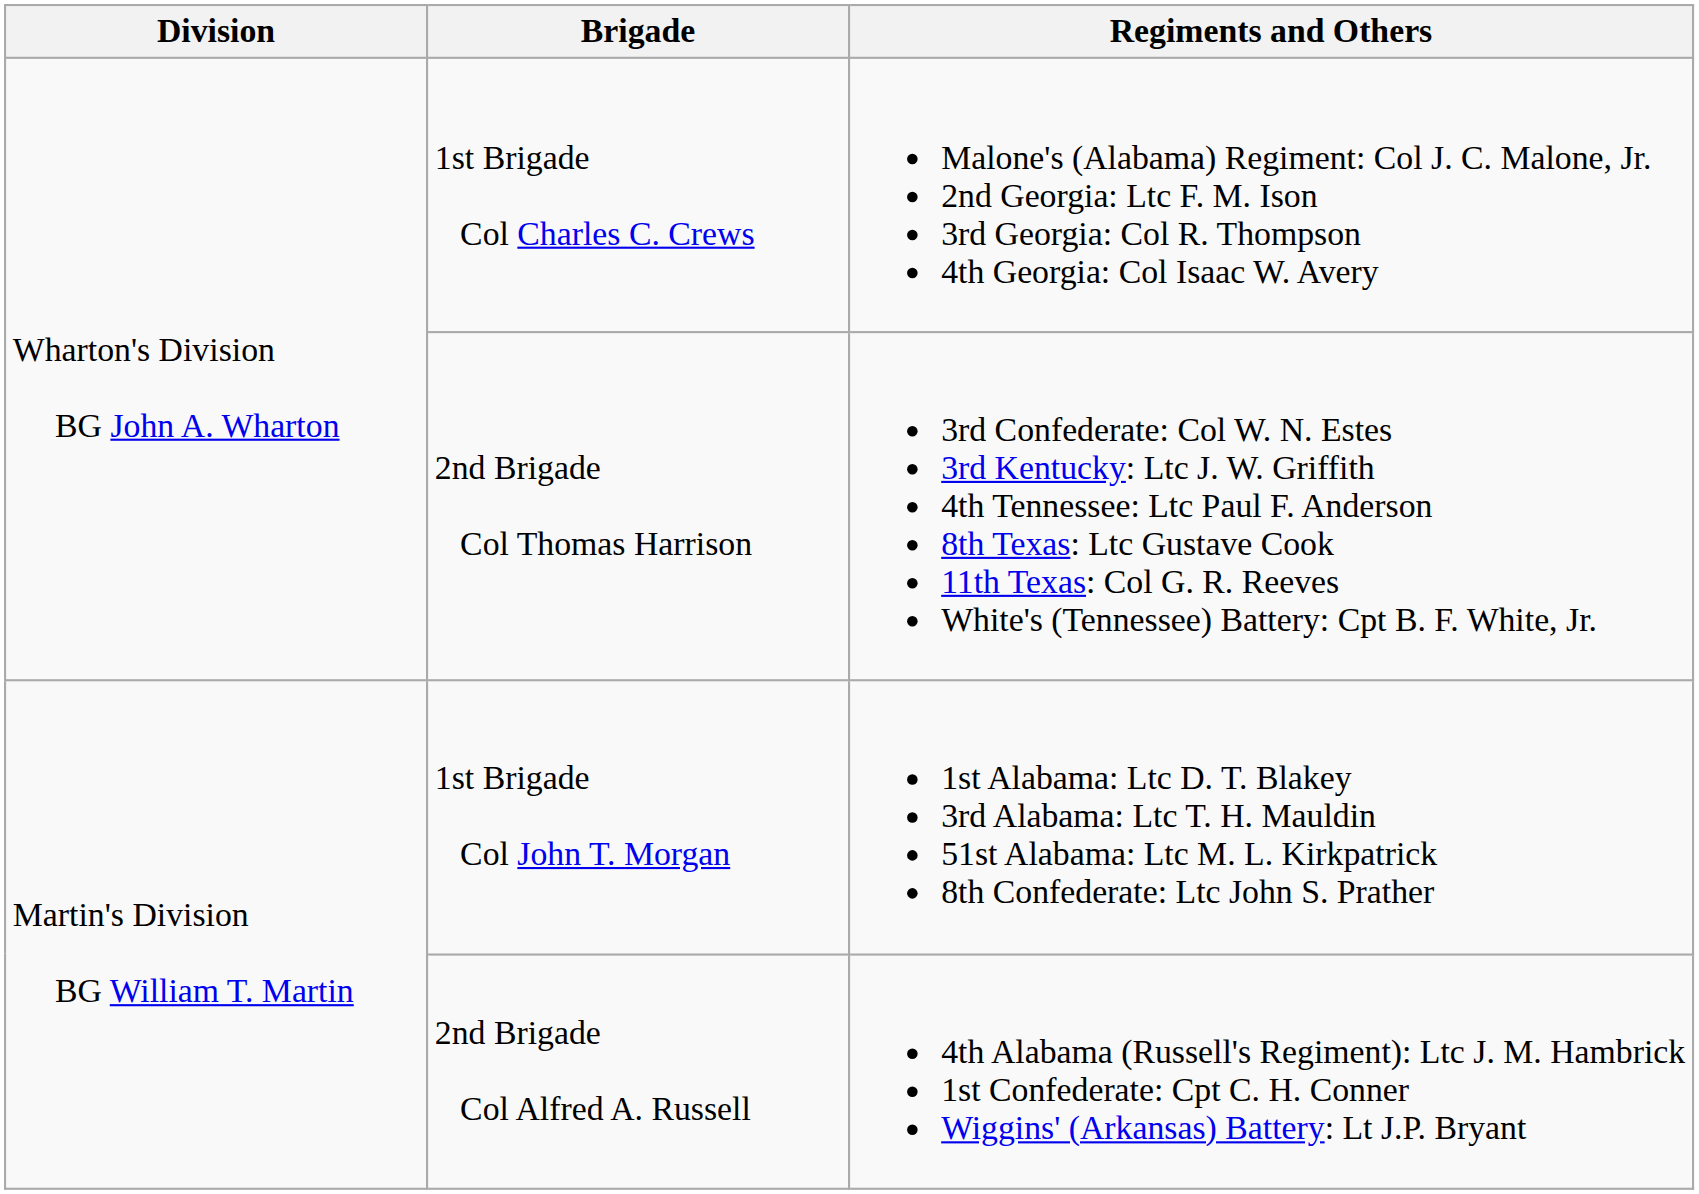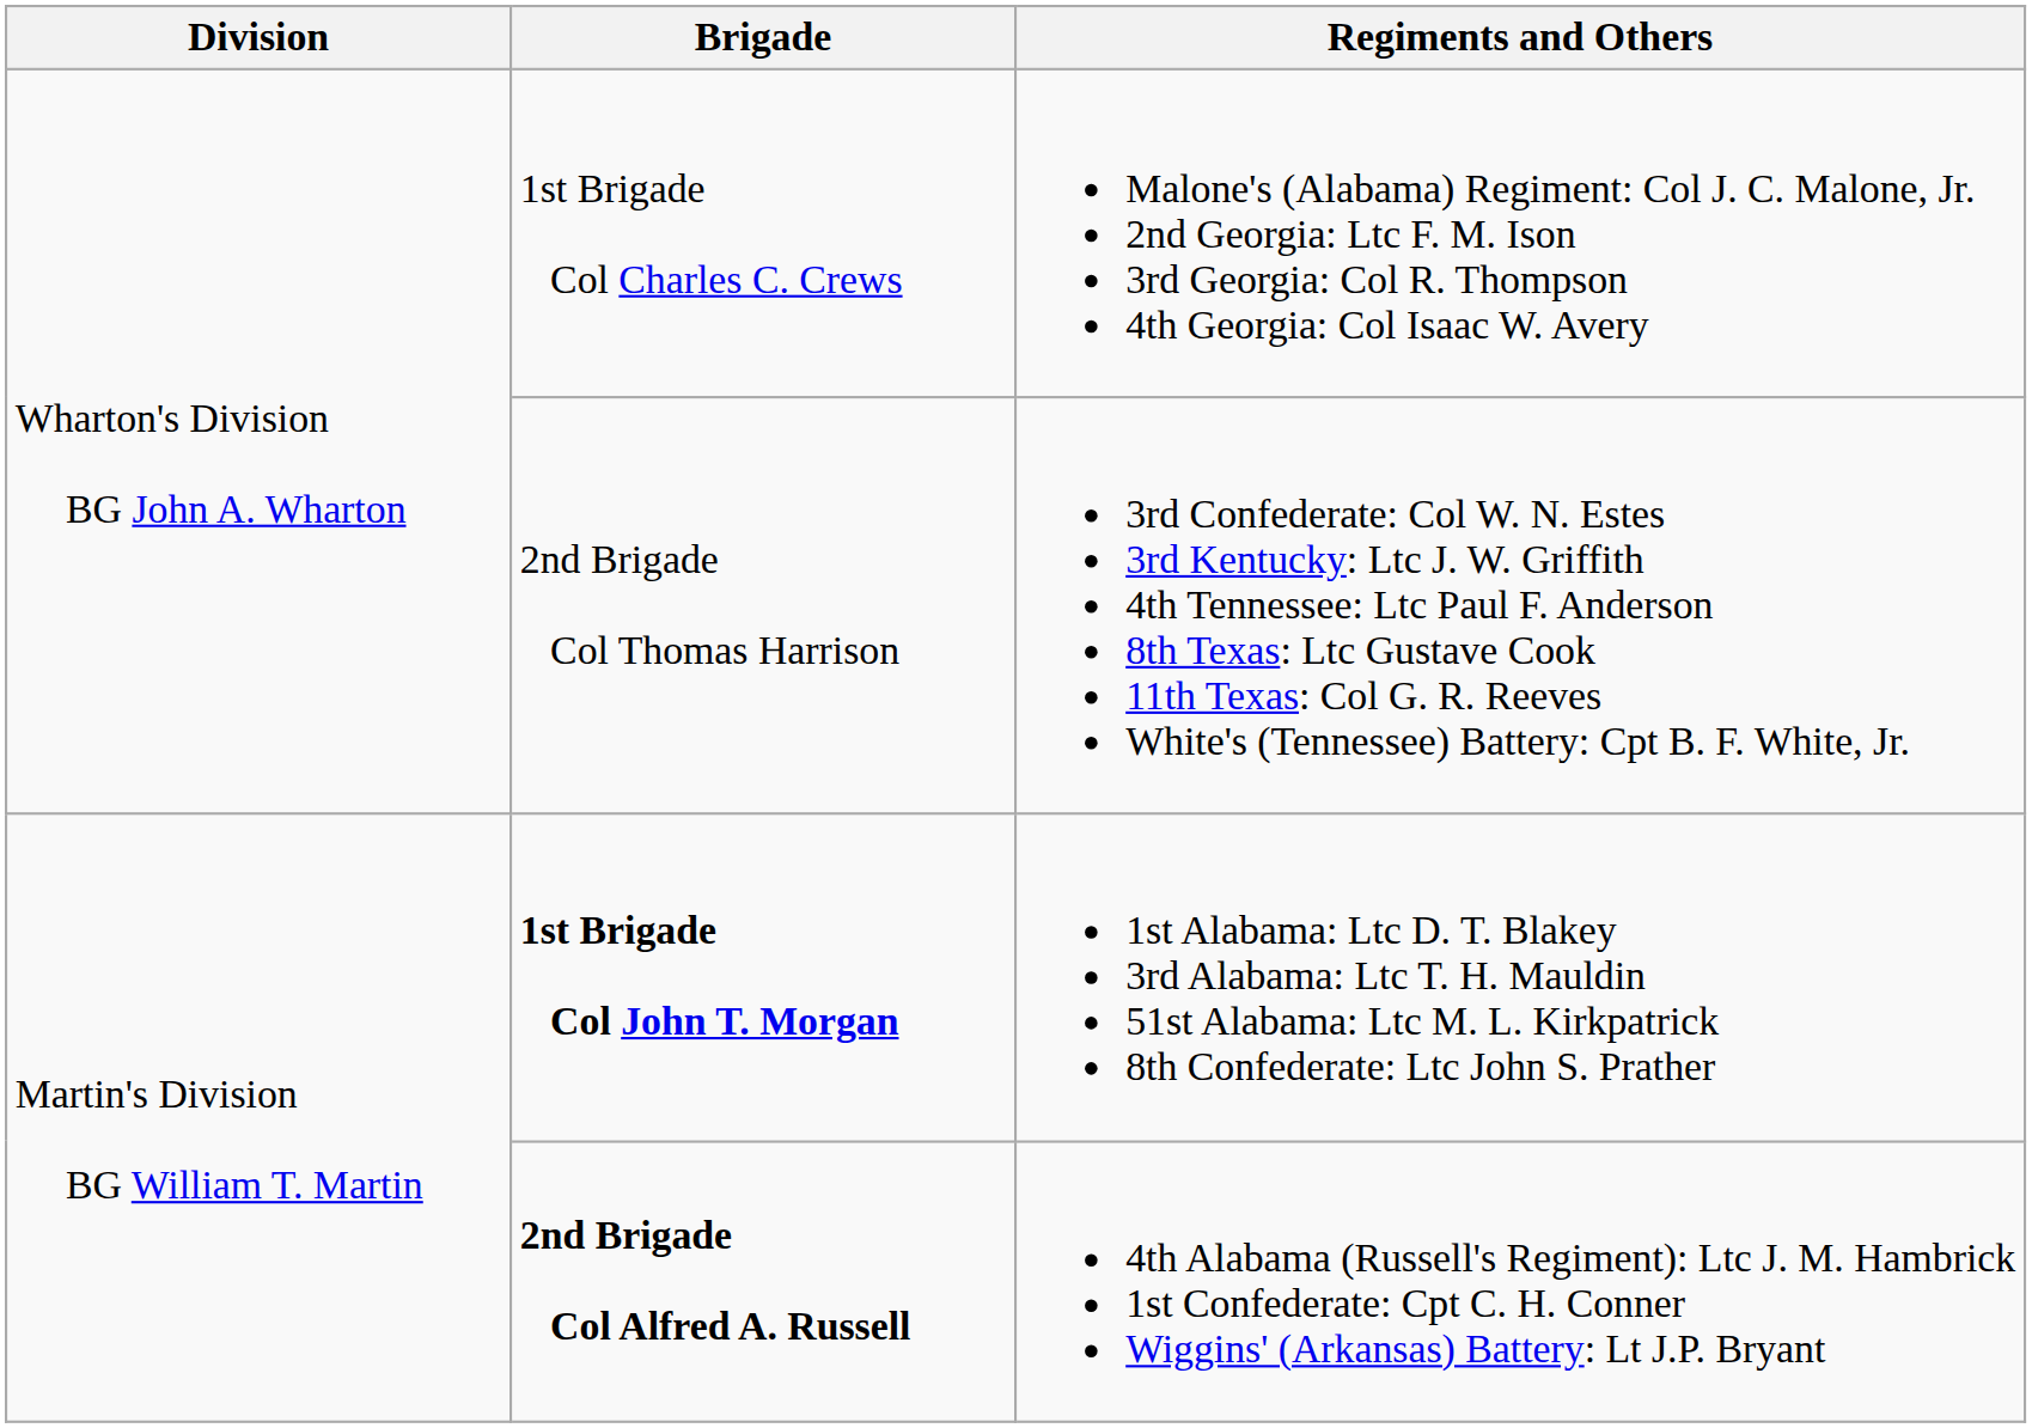 <table class="wikitable">
 <tr>
 <th width=25%>Division</th>
 <th width=25%>Brigade</th>
 <th>Regiments and Others</th>
 </tr>
 <tr>
 <td rowspan=2><br>Wharton's Division<br><br>     BG <a href='#'>John A. Wharton</a></td>
 <td>1st Brigade<br><br>   Col <a href='#'>Charles C. Crews</a></td>
 <td><br><ul><li>Malone's (Alabama) Regiment: Col J. C. Malone, Jr.</li><li>2nd Georgia: Ltc F. M. Ison</li><li>3rd Georgia: Col R. Thompson</li><li>4th Georgia: Col Isaac W. Avery</li></ul></td>
 </tr>
 <tr>
 <td>2nd Brigade<br><br>   Col Thomas Harrison</td>
 <td><br><ul><li>3rd Confederate: Col W. N. Estes</li><li><a href='#'>3rd Kentucky</a>: Ltc J. W. Griffith</li><li>4th Tennessee: Ltc Paul F. Anderson</li><li><a href='#'>8th Texas</a>: Ltc Gustave Cook</li><li><a href='#'>11th Texas</a>: Col G. R. Reeves</li><li>White's (Tennessee) Battery: Cpt B. F. White, Jr.</li></ul></td>
 </tr>
 <tr>
 <td rowspan=2><br>Martin's Division<br><br>     BG <a href='#'>William T. Martin</a></td>
-<td>1st Brigade<br><br>   Col <a href='#'>John T. Morgan</a></td>
+<td><strong>1st Brigade<br><br>   Col <a href='#'>John T. Morgan</a></strong></td>
 <td><br><ul><li>1st Alabama: Ltc D. T. Blakey</li><li>3rd Alabama: Ltc T. H. Mauldin</li><li>51st Alabama: Ltc M. L. Kirkpatrick</li><li>8th Confederate: Ltc John S. Prather</li></ul></td>
 </tr>
 <tr>
-<td>2nd Brigade<br><br>   Col Alfred A. Russell</td>
+<td><strong>2nd Brigade<br><br>   Col Alfred A. Russell</strong></td>
 <td><br><ul><li>4th Alabama (Russell's Regiment): Ltc J. M. Hambrick</li><li>1st Confederate: Cpt C. H. Conner</li><li><a href='#'>Wiggins' (Arkansas) Battery</a>: Lt J.P. Bryant</li></ul></td>
 </tr>
 </table>
